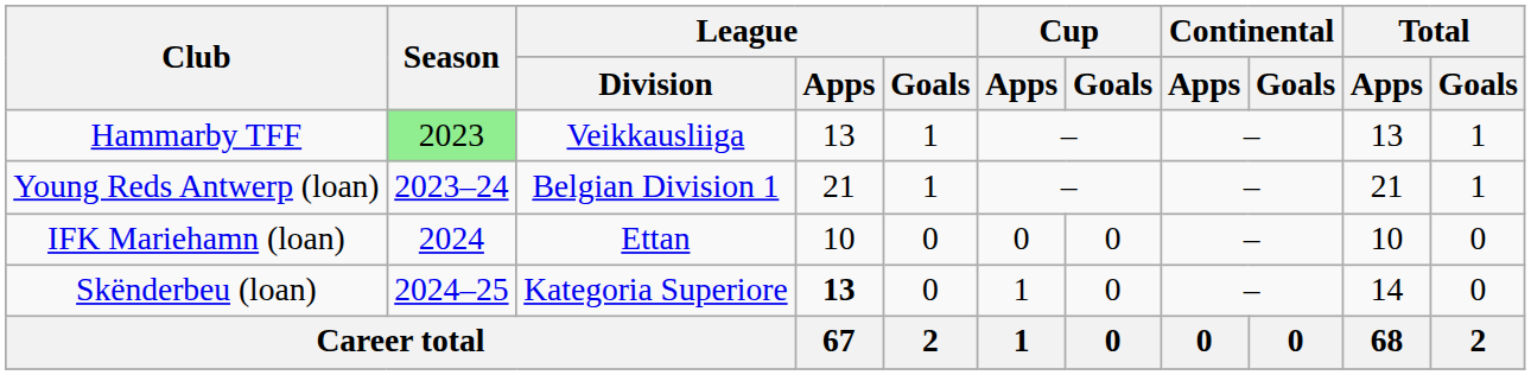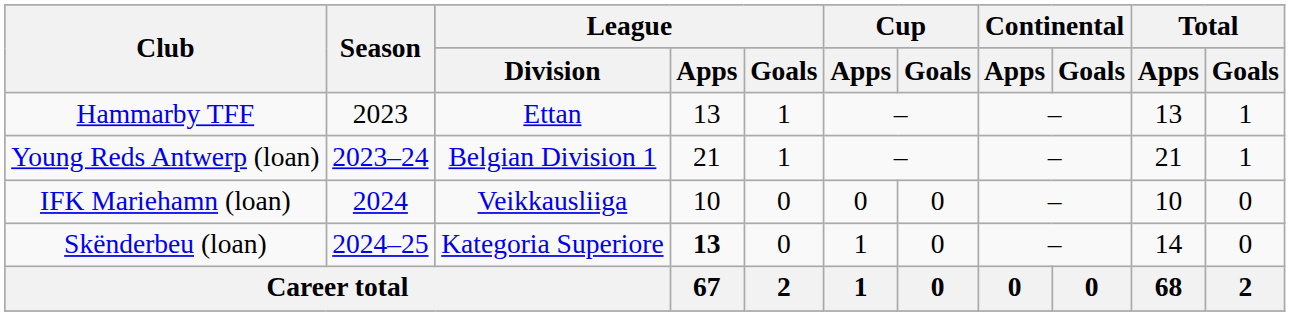 <table class="wikitable" style="text-align:center">
 <tr>
 <th rowspan="2">Club</th>
 <th rowspan="2">Season</th>
 <th colspan="3">League</th>
 <th colspan="2">Cup</th>
 <th colspan="2">Continental</th>
 <th colspan="2">Total</th>
 </tr>
 <tr>
 <th>Division</th>
 <th>Apps</th>
 <th>Goals</th>
 <th>Apps</th>
 <th>Goals</th>
 <th>Apps</th>
 <th>Goals</th>
 <th>Apps</th>
 <th>Goals</th>
 </tr>
 <tr>
 <td><a href='#'>Hammarby TFF</a></td>
-<td style="background: lightgreen;">2023</td>
-<td><a href='#'>Veikkausliiga</a></td>
+<td>2023</td>
+<td><a href='#'>Ettan</a></td>
 <td>13</td>
 <td>1</td>
 <td colspan=2>–</td>
 <td colspan=2>–</td>
 <td>13</td>
 <td>1</td>
 </tr>
 <tr>
 <td><a href='#'>Young Reds Antwerp</a> (loan)</td>
 <td><a href='#'>2023–24</a></td>
 <td><a href='#'>Belgian Division 1</a></td>
 <td>21</td>
 <td>1</td>
 <td colspan=2>–</td>
 <td colspan=2>–</td>
 <td>21</td>
 <td>1</td>
 </tr>
 <tr>
 <td><a href='#'>IFK Mariehamn</a> (loan)</td>
 <td><a href='#'>2024</a></td>
-<td><a href='#'>Ettan</a></td>
+<td><a href='#'>Veikkausliiga</a></td>
 <td>10</td>
 <td>0</td>
 <td>0</td>
 <td>0</td>
 <td colspan=2>–</td>
 <td>10</td>
 <td>0</td>
 </tr>
 <tr>
 <td><a href='#'>Skënderbeu</a> (loan)</td>
 <td><a href='#'>2024–25</a></td>
 <td><a href='#'>Kategoria Superiore</a></td>
 <td><strong>13</strong></td>
 <td>0</td>
 <td>1</td>
 <td>0</td>
 <td colspan=2>–</td>
 <td>14</td>
 <td>0</td>
 </tr>
 <tr>
 <th colspan="3">Career total</th>
 <th>67</th>
 <th>2</th>
 <th>1</th>
 <th>0</th>
 <th>0</th>
 <th>0</th>
 <th>68</th>
 <th>2</th>
 </tr>
 </table>
